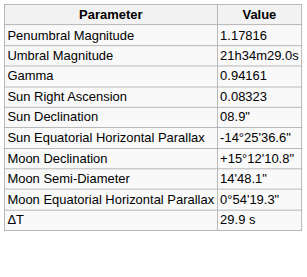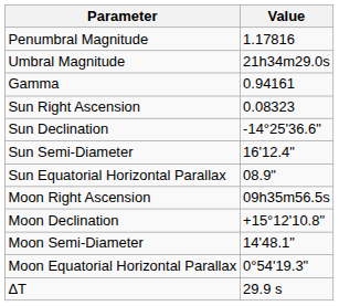 <table class="wikitable">
 <tr>
 <th>Parameter</th>
 <th>Value</th>
 </tr>
 <tr>
 <td>Penumbral Magnitude</td>
 <td>1.17816</td>
 </tr>
 <tr>
 <td>Umbral Magnitude</td>
 <td>21h34m29.0s</td>
 </tr>
 <tr>
 <td>Gamma</td>
 <td>0.94161</td>
 </tr>
 <tr>
 <td>Sun Right Ascension</td>
 <td>0.08323</td>
 </tr>
 <tr>
 <td>Sun Declination</td>
+<td>-14°25'36.6"</td>
+</tr>
+<tr>
+<td>Sun Semi-Diameter</td>
+<td>16'12.4"</td>
+</tr>
+<tr>
+<td>Sun Equatorial Horizontal Parallax</td>
 <td>08.9"</td>
 </tr>
 <tr>
-<td>Sun Equatorial Horizontal Parallax</td>
-<td>-14°25'36.6"</td>
+<td>Moon Right Ascension</td>
+<td>09h35m56.5s</td>
 </tr>
 <tr>
 <td>Moon Declination</td>
 <td>+15°12'10.8"</td>
 </tr>
 <tr>
 <td>Moon Semi-Diameter</td>
 <td>14'48.1"</td>
 </tr>
 <tr>
 <td>Moon Equatorial Horizontal Parallax</td>
 <td>0°54'19.3"</td>
 </tr>
 <tr>
 <td>ΔT</td>
 <td>29.9 s</td>
 </tr>
 </table>
